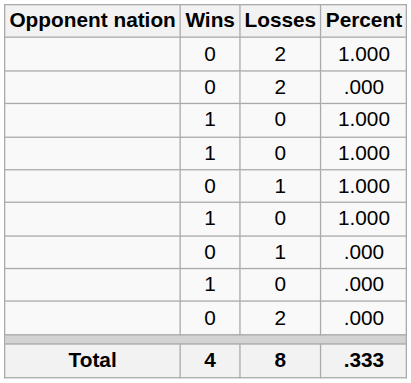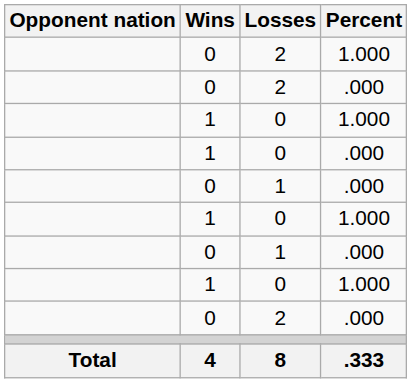 <table class=wikitable>
 <tr>
 <th>Opponent nation</th>
 <th>Wins</th>
 <th>Losses</th>
 <th>Percent</th>
 </tr>
 <tr align=center>
 <td align=left></td>
 <td>0</td>
 <td>2</td>
 <td>1.000</td>
 </tr>
 <tr align=center>
 <td align=left></td>
 <td>0</td>
 <td>2</td>
 <td>.000</td>
 </tr>
 <tr align=center>
 <td align=left></td>
 <td>1</td>
 <td>0</td>
 <td>1.000</td>
 </tr>
 <tr align=center>
 <td align=left></td>
 <td>1</td>
 <td>0</td>
-<td>1.000</td>
+<td>.000</td>
 </tr>
 <tr align=center>
 <td align=left></td>
 <td>0</td>
 <td>1</td>
-<td>1.000</td>
+<td>.000</td>
 </tr>
 <tr align=center>
 <td align=left></td>
 <td>1</td>
 <td>0</td>
 <td>1.000</td>
 </tr>
 <tr align=center>
 <td align=left></td>
 <td>0</td>
 <td>1</td>
 <td>.000</td>
 </tr>
 <tr align=center>
 <td align=left></td>
 <td>1</td>
 <td>0</td>
-<td>.000</td>
+<td>1.000</td>
 </tr>
 <tr align=center>
 <td align=left></td>
 <td>0</td>
 <td>2</td>
 <td>.000</td>
 </tr>
 <tr>
 <td colspan=4 bgcolor=lightgray></td>
 </tr>
 <tr>
 <th>Total</th>
 <th>4</th>
 <th>8</th>
 <th>.333</th>
 </tr>
 </table>
